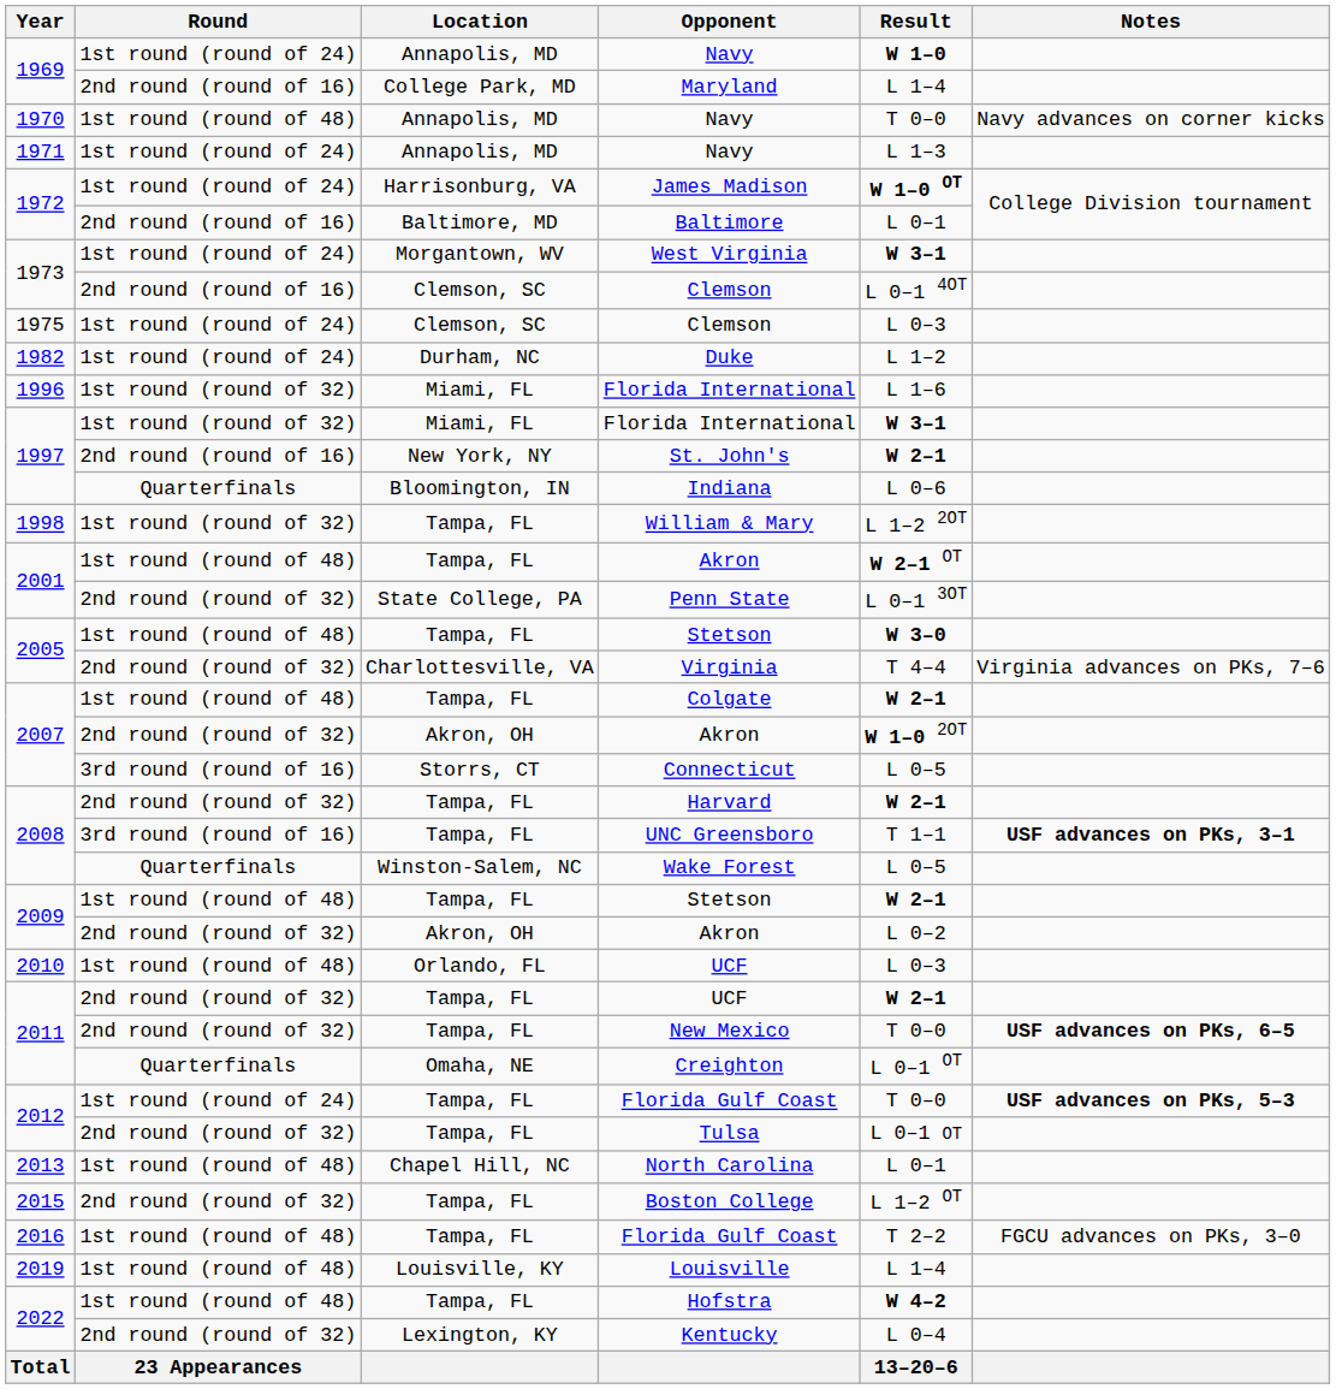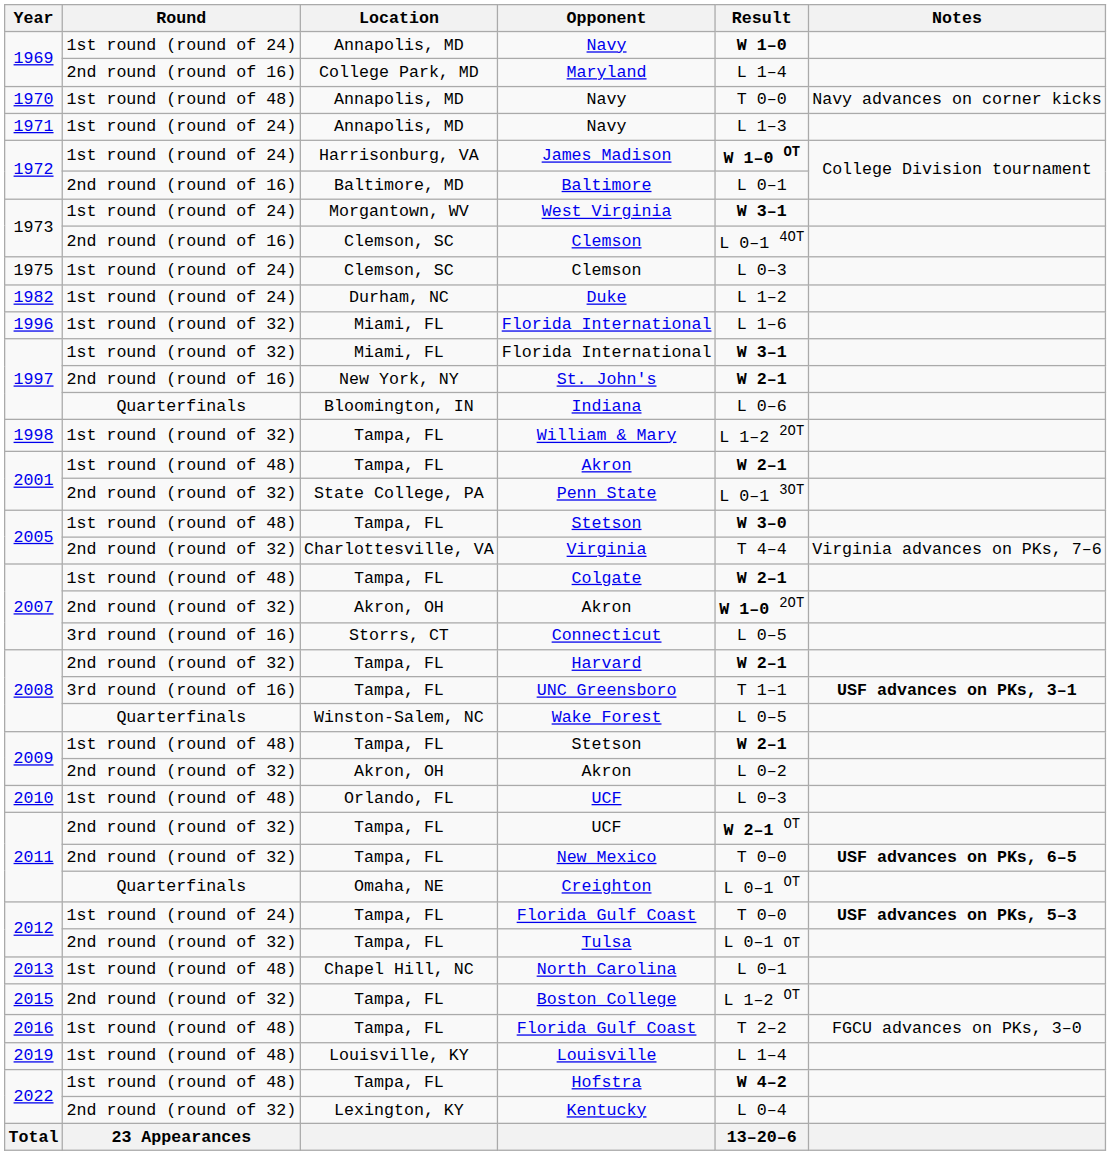 <table class="wikitable sortable" style="text-align:center;">
 <tr>
 <th style="text-align:center;">Year</th>
 <th style="text-align:center;">Round</th>
 <th style="text-align:center;">Location</th>
 <th style="text-align:center;">Opponent</th>
 <th style="text-align:center;">Result</th>
 <th style="text-align:center;">Notes</th>
 </tr>
 <tr>
 <td rowspan="2" align="center"><a href='#'>1969</a></td>
 <td align=center>1st round (round of 24)</td>
 <td>Annapolis, MD</td>
 <td><a href='#'>Navy</a></td>
 <td align=center><strong>W 1–0</strong></td>
 <td></td>
 </tr>
 <tr>
 <td align=center>2nd round (round of 16)</td>
 <td>College Park, MD</td>
 <td><a href='#'>Maryland</a></td>
 <td align=center>L 1–4</td>
 <td></td>
 </tr>
 <tr>
 <td align=center><a href='#'>1970</a></td>
 <td align=center>1st round (round of 48)</td>
 <td>Annapolis, MD</td>
 <td>Navy</td>
 <td align=center>T 0–0</td>
 <td>Navy advances on corner kicks</td>
 </tr>
 <tr>
 <td align=center><a href='#'>1971</a></td>
 <td align=center>1st round (round of 24)</td>
 <td>Annapolis, MD</td>
 <td>Navy</td>
 <td align=center>L 1–3</td>
 <td></td>
 </tr>
 <tr>
 <td rowspan="2"><a href='#'>1972</a></td>
 <td>1st round (round of 24)</td>
 <td>Harrisonburg, VA</td>
 <td><a href='#'>James Madison</a></td>
 <td><strong>W 1–0 <sup>OT</sup></strong></td>
 <td rowspan="2">College Division tournament</td>
 </tr>
 <tr>
 <td>2nd round (round of 16)</td>
 <td>Baltimore, MD</td>
 <td><a href='#'>Baltimore</a></td>
 <td>L 0–1</td>
 </tr>
 <tr>
 <td rowspan="2" align="center">1973</td>
 <td align=center>1st round (round of 24)</td>
 <td>Morgantown, WV</td>
 <td><a href='#'>West Virginia</a></td>
 <td align=center><strong>W 3–1</strong></td>
 <td></td>
 </tr>
 <tr>
 <td align=center>2nd round (round of 16)</td>
 <td>Clemson, SC</td>
 <td><a href='#'>Clemson</a></td>
 <td align=center>L 0–1 <sup>4OT</sup></td>
 </tr>
 <tr>
 <td align=center>1975</td>
 <td align=center>1st round (round of 24)</td>
 <td>Clemson, SC</td>
 <td>Clemson</td>
 <td align=center>L 0–3</td>
 <td></td>
 </tr>
 <tr>
 <td align=center><a href='#'>1982</a></td>
 <td align=center>1st round (round of 24)</td>
 <td>Durham, NC</td>
 <td><a href='#'>Duke</a></td>
 <td align=center>L 1–2</td>
 <td></td>
 </tr>
 <tr>
 <td align=center><a href='#'>1996</a></td>
 <td align=center>1st round (round of 32)</td>
 <td>Miami, FL</td>
 <td><a href='#'>Florida International</a></td>
 <td align=center>L 1–6</td>
 <td></td>
 </tr>
 <tr>
 <td rowspan="3" align="center"><a href='#'>1997</a></td>
 <td align=center>1st round (round of 32)</td>
 <td>Miami, FL</td>
 <td>Florida International</td>
 <td align=center><strong>W 3–1</strong></td>
 <td></td>
 </tr>
 <tr>
 <td align=center>2nd round (round of 16)</td>
 <td>New York, NY</td>
 <td><a href='#'>St. John's</a></td>
 <td align=center><strong>W 2–1</strong></td>
 <td></td>
 </tr>
 <tr>
 <td align=center>Quarterfinals</td>
 <td>Bloomington, IN</td>
 <td><a href='#'>Indiana</a></td>
 <td align=center>L 0–6</td>
 <td></td>
 </tr>
 <tr>
 <td align=center><a href='#'>1998</a></td>
 <td align=center>1st round (round of 32)</td>
 <td>Tampa, FL</td>
 <td><a href='#'>William & Mary</a></td>
 <td align=center>L 1–2 <sup>2OT</sup></td>
 </tr>
 <tr>
 <td rowspan="2" align="center"><a href='#'>2001</a></td>
 <td align=center>1st round (round of 48)</td>
 <td>Tampa, FL</td>
 <td><a href='#'>Akron</a></td>
-<td align=center><strong>W 2–1</strong> <sup>OT</sup></td>
+<td align=center><strong>W 2–1</strong></td>
 <td></td>
 </tr>
 <tr>
 <td align=center>2nd round (round of 32)</td>
 <td>State College, PA</td>
 <td><a href='#'>Penn State</a></td>
 <td align=center>L 0–1 <sup>3OT</sup></td>
 </tr>
 <tr>
 <td rowspan="2" align="center"><a href='#'>2005</a></td>
 <td align=center>1st round (round of 48)</td>
 <td>Tampa, FL</td>
 <td><a href='#'>Stetson</a></td>
 <td align=center><strong>W 3–0</strong></td>
 <td></td>
 </tr>
 <tr>
 <td align=center>2nd round (round of 32)</td>
 <td>Charlottesville, VA</td>
 <td><a href='#'>Virginia</a></td>
 <td align=center>T 4–4</td>
 <td>Virginia advances on PKs, 7–6</td>
 </tr>
 <tr>
 <td rowspan="3" align="center"><a href='#'>2007</a></td>
 <td align=center>1st round (round of 48)</td>
 <td>Tampa, FL</td>
 <td><a href='#'>Colgate</a></td>
 <td align=center><strong>W 2–1</strong></td>
 <td></td>
 </tr>
 <tr>
 <td align=center>2nd round (round of 32)</td>
 <td>Akron, OH</td>
 <td>Akron</td>
 <td align=center><strong>W 1–0</strong> <sup>2OT</sup></td>
 </tr>
 <tr>
 <td align=center>3rd round (round of 16)</td>
 <td>Storrs, CT</td>
 <td><a href='#'>Connecticut</a></td>
 <td align=center>L 0–5</td>
 <td></td>
 </tr>
 <tr>
 <td rowspan="3" align="center"><a href='#'>2008</a></td>
 <td align=center>2nd round (round of 32)</td>
 <td>Tampa, FL</td>
 <td><a href='#'>Harvard</a></td>
 <td align=center><strong>W 2–1</strong></td>
 <td></td>
 </tr>
 <tr>
 <td align=center>3rd round (round of 16)</td>
 <td>Tampa, FL</td>
 <td><a href='#'>UNC Greensboro</a></td>
 <td align=center>T 1–1</td>
 <td><strong>USF advances on PKs, 3–1</strong></td>
 </tr>
 <tr>
 <td align=center>Quarterfinals</td>
 <td>Winston-Salem, NC</td>
 <td><a href='#'>Wake Forest</a></td>
 <td align=center>L 0–5</td>
 <td></td>
 </tr>
 <tr>
 <td rowspan="2" align="center"><a href='#'>2009</a></td>
 <td align=center>1st round (round of 48)</td>
 <td>Tampa, FL</td>
 <td>Stetson</td>
 <td align=center><strong>W 2–1</strong></td>
 <td></td>
 </tr>
 <tr>
 <td align=center>2nd round (round of 32)</td>
 <td>Akron, OH</td>
 <td>Akron</td>
 <td align=center>L 0–2</td>
 <td></td>
 </tr>
 <tr>
 <td align=center><a href='#'>2010</a></td>
 <td align=center>1st round (round of 48)</td>
 <td>Orlando, FL</td>
 <td><a href='#'>UCF</a></td>
 <td align=center>L 0–3</td>
 <td></td>
 </tr>
 <tr>
 <td rowspan="3" align="center"><a href='#'>2011</a></td>
 <td align=center>2nd round (round of 32)</td>
 <td>Tampa, FL</td>
 <td>UCF</td>
-<td align=center><strong>W 2–1</strong></td>
+<td align=center><strong>W 2–1</strong> <sup>OT</sup></td>
 </tr>
 <tr>
 <td align=center>2nd round (round of 32)</td>
 <td>Tampa, FL</td>
 <td><a href='#'>New Mexico</a></td>
 <td align=center>T 0–0</td>
 <td><strong>USF advances on PKs, 6–5</strong></td>
 </tr>
 <tr>
 <td align=center>Quarterfinals</td>
 <td>Omaha, NE</td>
 <td><a href='#'>Creighton</a></td>
 <td align=center>L 0–1 <sup>OT</sup></td>
 </tr>
 <tr>
 <td rowspan="2" align="center"><a href='#'>2012</a></td>
 <td align=center>1st round (round of 24)</td>
 <td>Tampa, FL</td>
 <td><a href='#'>Florida Gulf Coast</a></td>
 <td align=center>T 0–0</td>
 <td><strong>USF advances on PKs, 5–3</strong></td>
 </tr>
 <tr>
 <td align=center>2nd round (round of 32)</td>
 <td>Tampa, FL</td>
 <td><a href='#'>Tulsa</a></td>
 <td align=center>L 0–1 <small>OT</small></td>
 </tr>
 <tr>
 <td align=center><a href='#'>2013</a></td>
 <td align=center>1st round (round of 48)</td>
 <td>Chapel Hill, NC</td>
 <td><a href='#'>North Carolina</a></td>
 <td align=center>L 0–1</td>
 <td></td>
 </tr>
 <tr>
 <td align=center><a href='#'>2015</a></td>
 <td align=center>2nd round (round of 32)</td>
 <td>Tampa, FL</td>
 <td><a href='#'>Boston College</a></td>
 <td align=center>L 1–2 <sup>OT</sup></td>
 </tr>
 <tr>
 <td align=center><a href='#'>2016</a></td>
 <td align=center>1st round (round of 48)</td>
 <td>Tampa, FL</td>
 <td><a href='#'>Florida Gulf Coast</a></td>
 <td align=center>T 2–2</td>
 <td>FGCU advances on PKs, 3–0</td>
 </tr>
 <tr>
 <td><a href='#'>2019</a></td>
 <td>1st round (round of 48)</td>
 <td>Louisville, KY</td>
 <td><a href='#'>Louisville</a></td>
 <td>L 1–4</td>
 <td></td>
 </tr>
 <tr>
 <td rowspan="2"><a href='#'>2022</a></td>
 <td>1st round (round of 48)</td>
 <td>Tampa, FL</td>
 <td><a href='#'>Hofstra</a></td>
 <td><strong>W 4–2</strong></td>
 <td></td>
 </tr>
 <tr>
 <td>2nd round (round of 32)</td>
 <td>Lexington, KY</td>
 <td><a href='#'>Kentucky</a></td>
 <td>L 0–4</td>
 <td></td>
 </tr>
 <tr>
 <th style="text-align:center;">Total</th>
 <th style="text-align:center;">23 Appearances</th>
 <th style="text-align:center;"></th>
 <th style="text-align:center;"></th>
 <th style="text-align:center;">13–20–6</th>
 <th style="text-align:center;"></th>
 </tr>
 </table>
